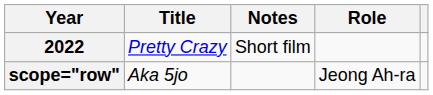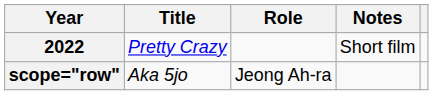 <table class="wikitable sortable plainrowheaders">
 <tr>
 <th scope="col">Year</th>
 <th scope="col">Title</th>
+<th scope="col">Role</th>
 <th scope="col">Notes</th>
-<th scope="col">Role</th>
 <th scope="col" class="unsortable"></th>
 </tr>
 <tr>
 <th scope="row">2022</th>
 <td><em><a href='#'>Pretty Crazy</a></em></td>
+<td></td>
 <td>Short film</td>
-<td></td>
 <td style="text-align:center"></td>
 </tr>
 <tr>
 <th>scope="row" </th>
 <td><em>Aka 5jo </em></td>
+<td>Jeong Ah-ra</td>
 <td></td>
-<td>Jeong Ah-ra</td>
 <td style="text-align:center"></td>
 </tr>
 </table>
